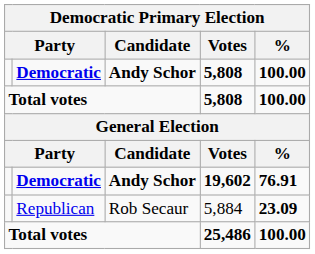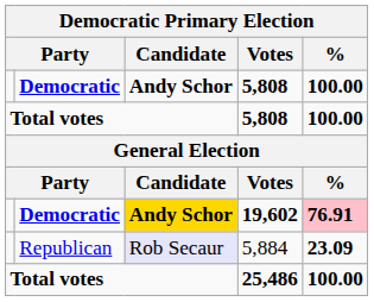 <table class="wikitable">
 <tr>
 <th colspan="5"><strong>Democratic Primary Election</strong></th>
 </tr>
 <tr>
 <th colspan="2">Party</th>
 <th>Candidate</th>
 <th>Votes</th>
 <th>%</th>
 </tr>
 <tr>
 <td></td>
 <td><a href='#'><strong>Democratic</strong></a></td>
 <td><strong>Andy Schor</strong></td>
 <td><strong>5,808</strong></td>
 <td><strong>100.00</strong></td>
 </tr>
 <tr>
 <td colspan="3"><strong>Total votes</strong></td>
 <td><strong>5,808</strong></td>
 <td><strong>100.00</strong></td>
 </tr>
 <tr>
 <th colspan="5"><strong>General Election</strong></th>
 </tr>
 <tr>
 <th colspan="2">Party</th>
 <th>Candidate</th>
 <th>Votes</th>
 <th>%</th>
 </tr>
 <tr>
 <td></td>
 <td><a href='#'><strong>Democratic</strong></a></td>
-<td><strong>Andy Schor</strong></td>
+<td style="background: gold;"><strong>Andy Schor</strong></td>
 <td><strong>19,602</strong></td>
-<td><strong>76.91</strong></td>
+<td style="background: pink;"><strong>76.91</strong></td>
 </tr>
 <tr>
 <td></td>
 <td><a href='#'>Republican</a></td>
-<td>Rob Secaur</td>
+<td style="background: lavender;">Rob Secaur</td>
 <td>5,884</td>
 <td><strong>23.09</strong></td>
 </tr>
 <tr>
 <td colspan="3"><strong>Total votes</strong></td>
 <td><strong>25,486</strong></td>
 <td><strong>100.00</strong></td>
 </tr>
 </table>
